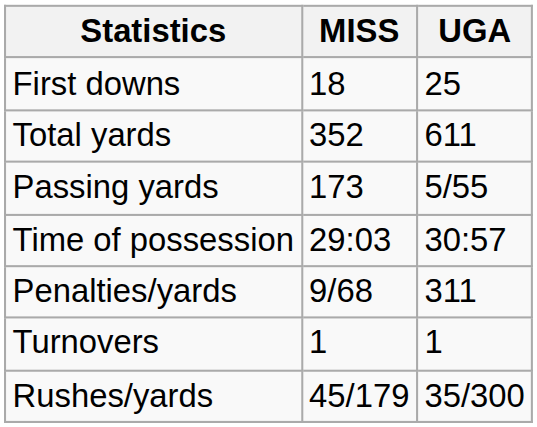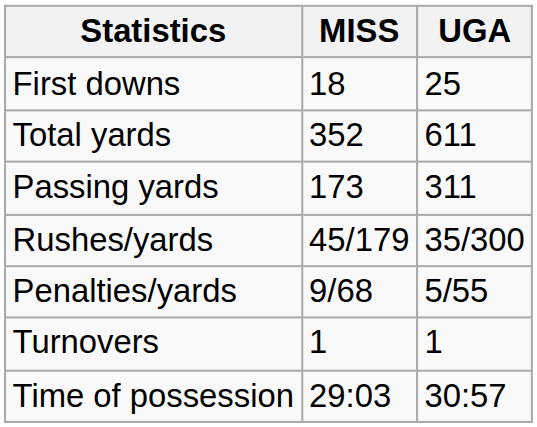 <table class="wikitable" style="float: left;">
 <tr>
 <th>Statistics</th>
 <th>MISS</th>
 <th>UGA</th>
 </tr>
 <tr>
 <td>First downs</td>
 <td>18</td>
 <td>25</td>
 </tr>
 <tr>
 <td>Total yards</td>
 <td>352</td>
 <td>611</td>
 </tr>
 <tr>
 <td>Passing yards</td>
 <td>173</td>
+<td>311</td>
+</tr>
+<tr>
+<td>Rushes/yards</td>
+<td>45/179</td>
+<td>35/300</td>
+</tr>
+<tr>
+<td>Penalties/yards</td>
+<td>9/68</td>
 <td>5/55</td>
+</tr>
+<tr>
+<td>Turnovers</td>
+<td>1</td>
+<td>1</td>
 </tr>
 <tr>
 <td>Time of possession</td>
 <td>29:03</td>
 <td>30:57</td>
 </tr>
 <tr>
-<td>Penalties/yards</td>
-<td>9/68</td>
-<td>311</td>
-</tr>
-<tr>
-<td>Turnovers</td>
-<td>1</td>
-<td>1</td>
-</tr>
-<tr>
-<td>Rushes/yards</td>
-<td>45/179</td>
-<td>35/300</td>
-</tr>
-<tr>
 </tr>
 </table>
